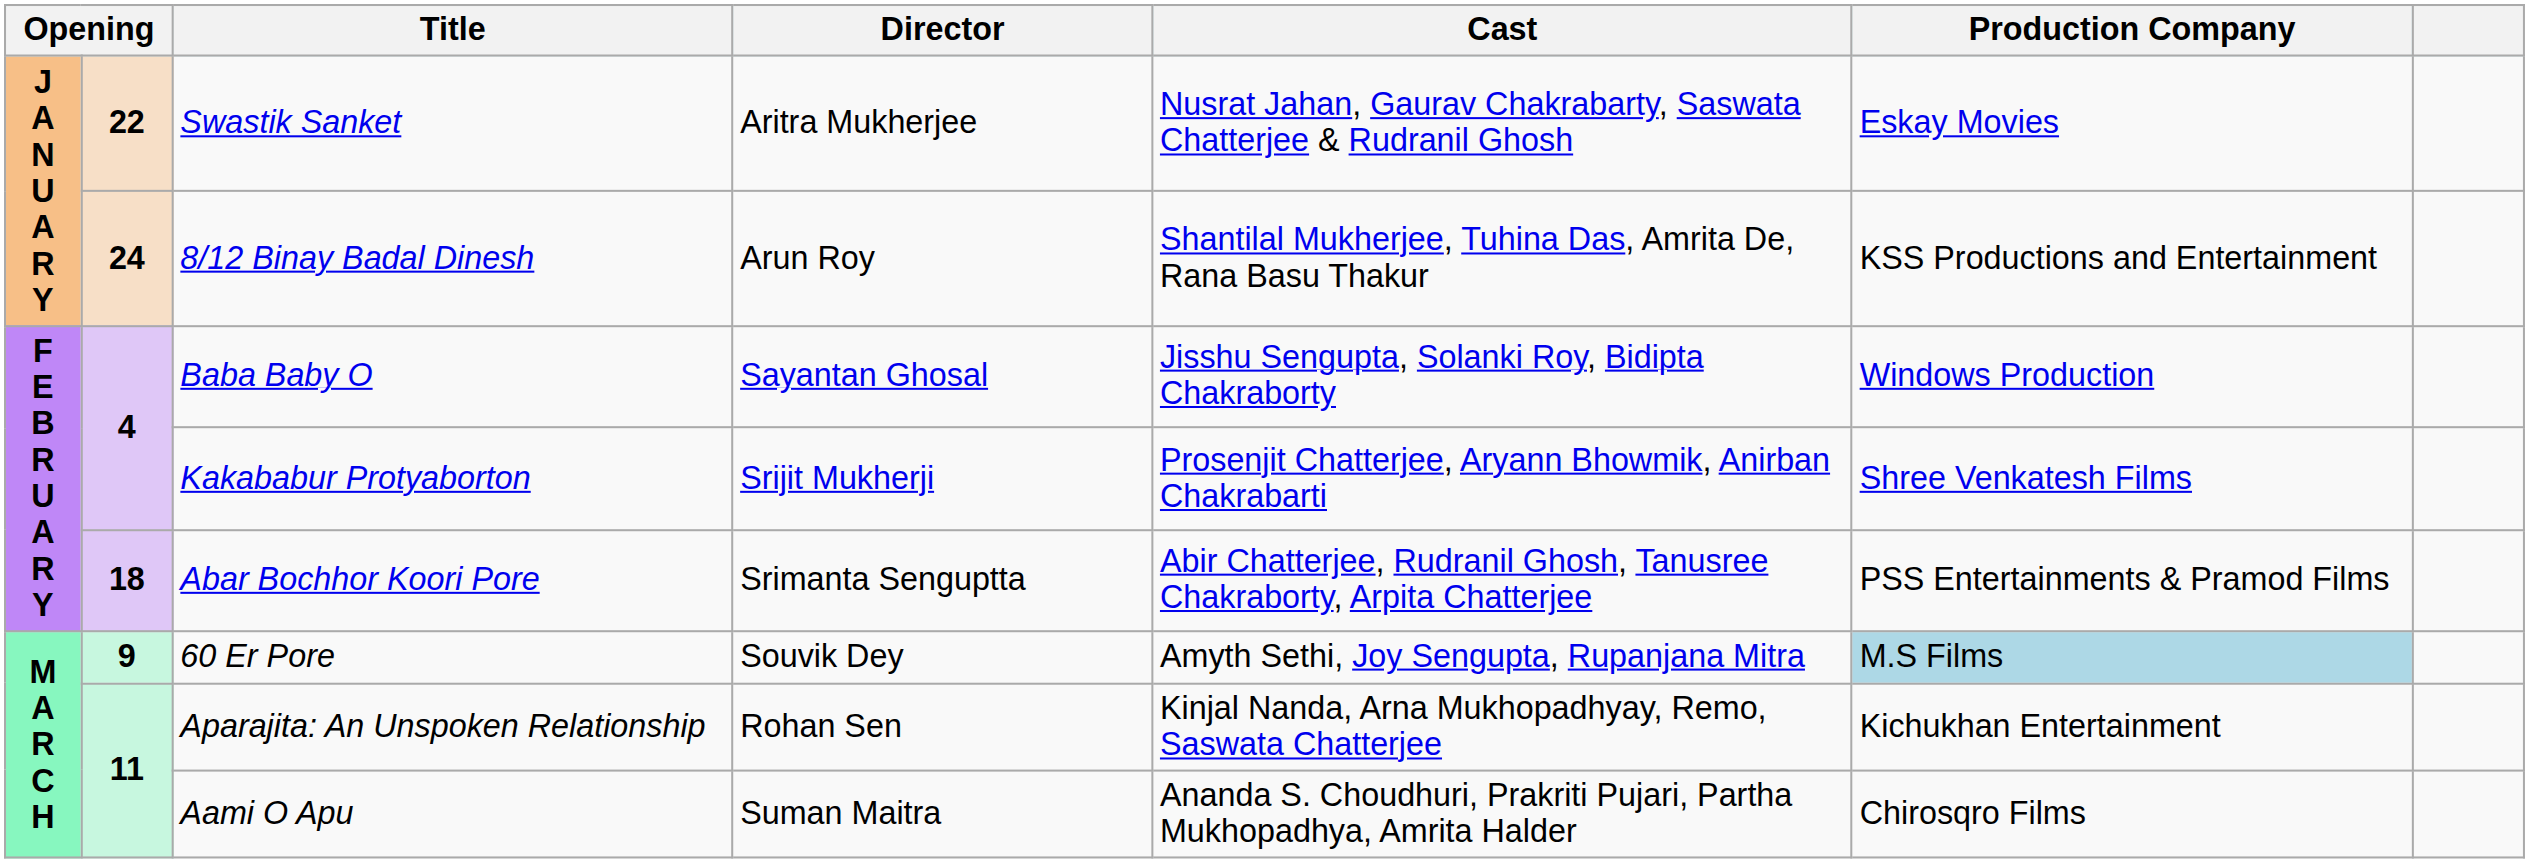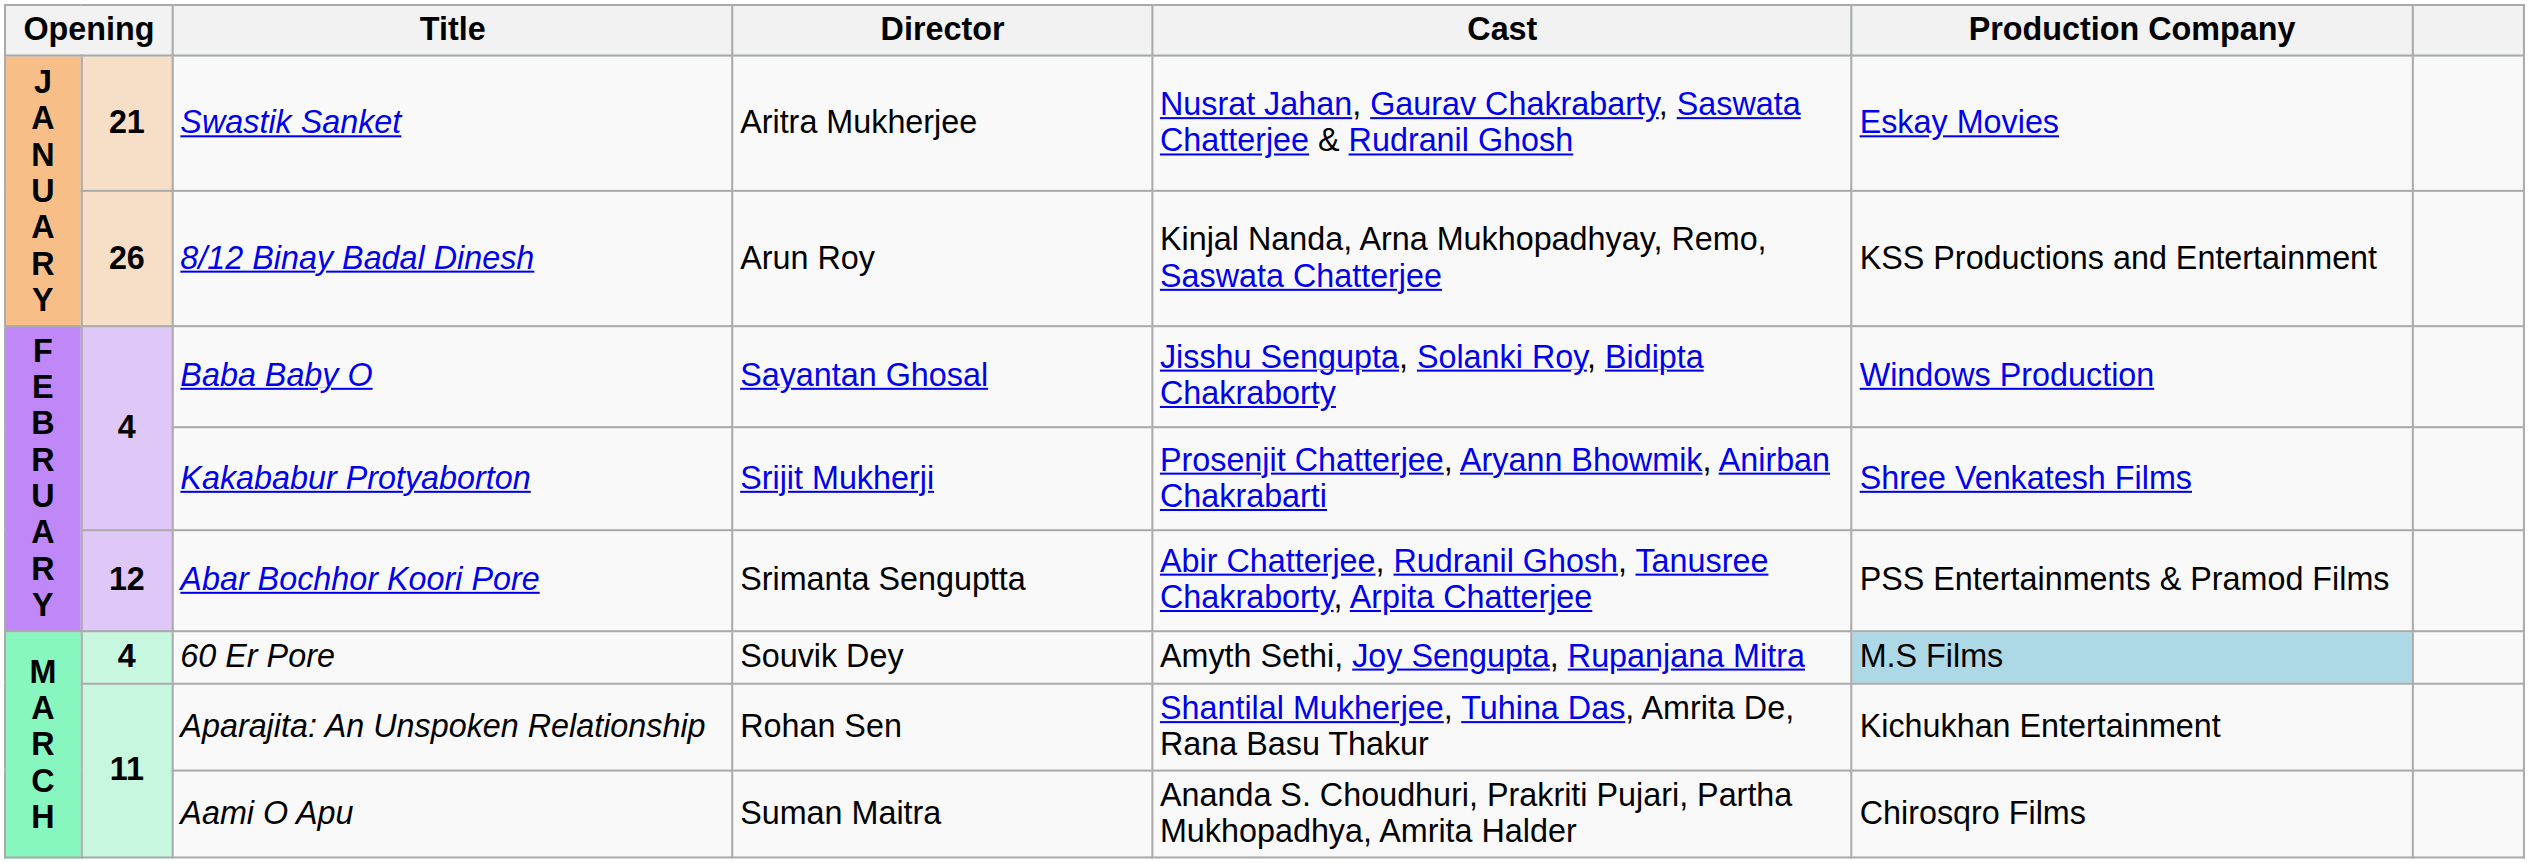 <table class="wikitable sortable">
 <tr style="background:#b0e0e6; text-align:center;">
 <th colspan="2" style="width:6%;"><strong>Opening</strong></th>
 <th style="width:20%;"><strong>Title</strong></th>
 <th style="width:15%;"><strong>Director</strong></th>
 <th style="width:25%;"><strong>Cast</strong></th>
 <th style="width:20%;">Production Company</th>
 <th style="width:4%;"><strong></strong></th>
 </tr>
 <tr>
 <th rowspan="2" style="text-align:center; background:#f7bf87; text color:#000;">J<br>A<br>N<br>U<br>A<br>R<br>Y</th>
-<td rowspan="1" style="text-align:center; background:#f7dfc7"><strong>22</strong></td>
+<td rowspan="1" style="text-align:center; background:#f7dfc7"><strong>21</strong></td>
 <td><em><a href='#'>Swastik Sanket</a></em></td>
 <td>Aritra Mukherjee</td>
 <td><a href='#'>Nusrat Jahan</a>, <a href='#'>Gaurav Chakrabarty</a>, <a href='#'>Saswata Chatterjee</a> & <a href='#'>Rudranil Ghosh</a></td>
 <td><a href='#'>Eskay Movies</a></td>
 <td></td>
 </tr>
 <tr>
-<td rowspan="1" style="text-align:center; background:#f7dfc7"><strong>24</strong></td>
+<td rowspan="1" style="text-align:center; background:#f7dfc7"><strong>26</strong></td>
 <td><em><a href='#'>8/12 Binay Badal Dinesh</a></em></td>
 <td>Arun Roy</td>
-<td><a href='#'>Shantilal Mukherjee</a>, <a href='#'>Tuhina Das</a>, Amrita De, Rana Basu Thakur</td>
+<td>Kinjal Nanda, Arna Mukhopadhyay, Remo, <a href='#'>Saswata Chatterjee</a></td>
 <td>KSS Productions and Entertainment</td>
 <td></td>
 </tr>
 <tr>
 <th rowspan="3" style="text-align:center; background:#bf87f7">F<br>E<br>B<br>R<br>U<br>A<br>R<br>Y</th>
 <td rowspan="2" style="text-align:center; background:#dfc7f7"><strong>4</strong></td>
 <td><em><a href='#'>Baba Baby O</a></em></td>
 <td><a href='#'>Sayantan Ghosal</a></td>
 <td><a href='#'>Jisshu Sengupta</a>, <a href='#'>Solanki Roy</a>, <a href='#'>Bidipta Chakraborty</a></td>
 <td><a href='#'>Windows Production</a></td>
 <td></td>
 </tr>
 <tr>
 <td><em><a href='#'>Kakababur Protyaborton</a></em></td>
 <td><a href='#'>Srijit Mukherji</a></td>
 <td><a href='#'>Prosenjit Chatterjee</a>, <a href='#'>Aryann Bhowmik</a>, <a href='#'>Anirban Chakrabarti</a></td>
 <td><a href='#'>Shree Venkatesh Films</a></td>
 <td></td>
 </tr>
 <tr>
-<td rowspan="1" style="text-align:center; background:#dfc7f7"><strong>18</strong></td>
+<td rowspan="1" style="text-align:center; background:#dfc7f7"><strong>12</strong></td>
 <td><em><a href='#'>Abar Bochhor Koori Pore</a></em></td>
 <td>Srimanta Senguptta</td>
 <td><a href='#'>Abir Chatterjee</a>, <a href='#'>Rudranil Ghosh</a>, <a href='#'>Tanusree Chakraborty</a>, <a href='#'>Arpita Chatterjee</a></td>
 <td>PSS Entertainments & Pramod Films</td>
 <td></td>
 </tr>
 <tr>
 <th rowspan="3" style="text-align:center; background:#87f7bf">M<br>A<br>R<br>C<br>H</th>
-<td rowspan="1" style="text-align:center; background:#c7f7df"><strong>9</strong></td>
+<td rowspan="1" style="text-align:center; background:#c7f7df"><strong>4</strong></td>
 <td><em>60 Er Pore</em></td>
 <td>Souvik Dey</td>
 <td>Amyth Sethi, <a href='#'>Joy Sengupta</a>, <a href='#'>Rupanjana Mitra</a></td>
 <td style="background: lightblue;">M.S Films</td>
 <td></td>
 </tr>
 <tr>
 <td rowspan="2" style="text-align:center; background:#c7f7df"><strong>11</strong></td>
 <td><em>Aparajita: An Unspoken Relationship</em></td>
 <td>Rohan Sen</td>
-<td>Kinjal Nanda, Arna Mukhopadhyay, Remo, <a href='#'>Saswata Chatterjee</a></td>
+<td><a href='#'>Shantilal Mukherjee</a>, <a href='#'>Tuhina Das</a>, Amrita De, Rana Basu Thakur</td>
 <td>Kichukhan Entertainment</td>
 <td></td>
 </tr>
 <tr>
 <td><em>Aami O Apu</em></td>
 <td>Suman Maitra</td>
 <td>Ananda S. Choudhuri, Prakriti Pujari, Partha Mukhopadhya, Amrita Halder</td>
 <td>Chirosqro Films</td>
 <td></td>
 </tr>
 </table>
